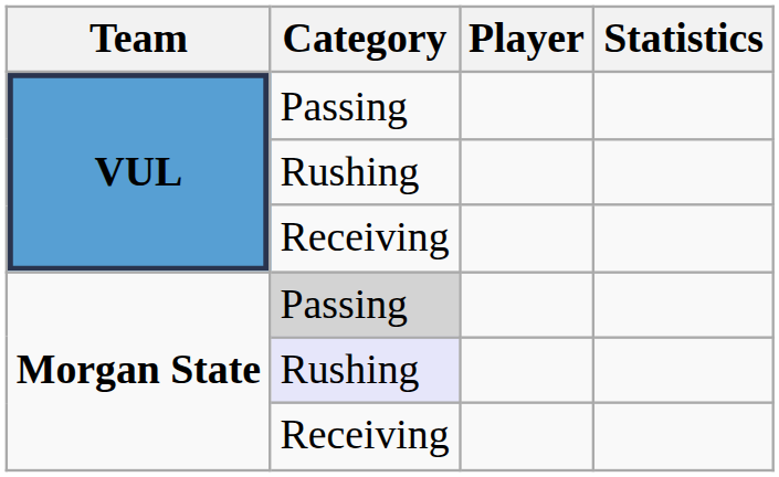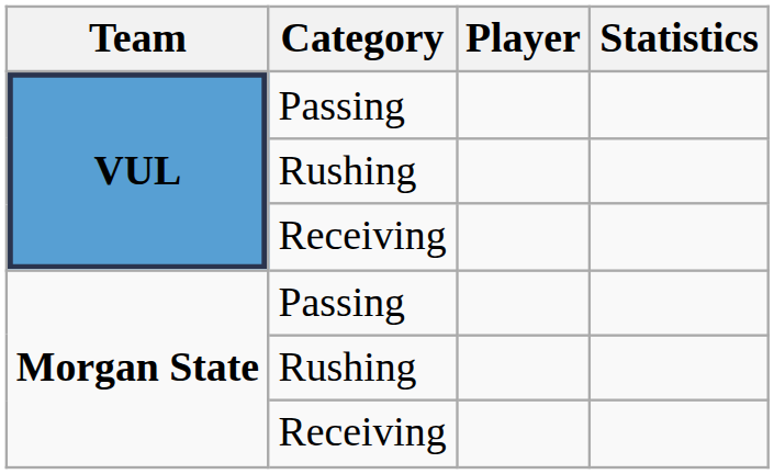 <table class="wikitable" style="float: right;">
 <tr>
 <th>Team</th>
 <th>Category</th>
 <th>Player</th>
 <th>Statistics</th>
 </tr>
 <tr>
 <td rowspan=3 style="background-color:#579FD3;color:#000000;box-shadow: inset 2px 2px 0 #2A344E, inset -2px -2px 0 #2A344E; text-align:center;"><strong>VUL</strong></td>
 <td>Passing</td>
 <td></td>
 <td></td>
 </tr>
 <tr>
 <td>Rushing</td>
 <td></td>
 <td></td>
 </tr>
 <tr>
 <td>Receiving</td>
 <td></td>
 <td></td>
 </tr>
 <tr>
 <td rowspan=3><strong>Morgan State</strong></td>
-<td style="background: lightgrey;">Passing</td>
+<td>Passing</td>
 <td></td>
 <td></td>
 </tr>
 <tr>
-<td style="background: lavender;">Rushing</td>
+<td>Rushing</td>
 <td></td>
 <td></td>
 </tr>
 <tr>
 <td>Receiving</td>
 <td></td>
 <td></td>
 </tr>
 </table>
